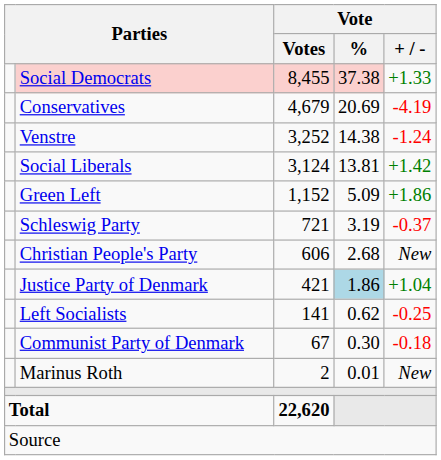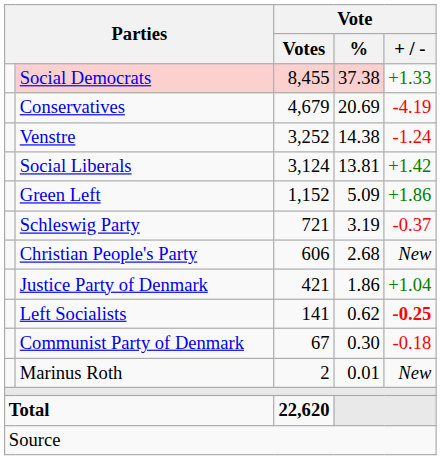 <table class="wikitable" style="text-align:right;">
 <tr>
 <th style="text-align:centre;" rowspan="2" colspan="2" width="225">Parties</th>
 <th colspan="3">Vote</th>
 </tr>
 <tr>
 <th width="15">Votes</th>
 <th width="15">%</th>
 <th width="15">+ / -</th>
 </tr>
 <tr>
 <td width="2" style="color:inherit;background:"></td>
 <td bgcolor=#fbd0ce  align="left"><a href='#'>Social Democrats</a></td>
 <td bgcolor=#fbd0ce>8,455</td>
 <td bgcolor=#fbd0ce>37.38</td>
 <td style=color:green;>+1.33</td>
 </tr>
 <tr>
 <td width="2" style="color:inherit;background:"></td>
 <td align="left"><a href='#'>Conservatives</a></td>
 <td>4,679</td>
 <td>20.69</td>
 <td style=color:red;>-4.19</td>
 </tr>
 <tr>
 <td width="2" style="color:inherit;background:"></td>
 <td align="left"><a href='#'>Venstre</a></td>
 <td>3,252</td>
 <td>14.38</td>
 <td style=color:red;>-1.24</td>
 </tr>
 <tr>
 <td width="2" style="color:inherit;background:"></td>
 <td align="left"><a href='#'>Social Liberals</a></td>
 <td>3,124</td>
 <td>13.81</td>
 <td style=color:green;>+1.42</td>
 </tr>
 <tr>
 <td width="2" style="color:inherit;background:"></td>
 <td align="left"><a href='#'>Green Left</a></td>
 <td>1,152</td>
 <td>5.09</td>
 <td style=color:green;>+1.86</td>
 </tr>
 <tr>
 <td width="2" style="color:inherit;background:"></td>
 <td align="left"><a href='#'>Schleswig Party</a></td>
 <td>721</td>
 <td>3.19</td>
 <td style=color:red;>-0.37</td>
 </tr>
 <tr>
 <td width="2" style="color:inherit;background:"></td>
 <td align="left"><a href='#'>Christian People's Party</a></td>
 <td>606</td>
 <td>2.68</td>
 <td><em>New</em></td>
 </tr>
 <tr>
 <td width="2" style="color:inherit;background:"></td>
 <td align="left"><a href='#'>Justice Party of Denmark</a></td>
 <td>421</td>
-<td style="background: lightblue;">1.86</td>
+<td>1.86</td>
 <td style=color:green;>+1.04</td>
 </tr>
 <tr>
 <td width="2" style="color:inherit;background:"></td>
 <td align="left"><a href='#'>Left Socialists</a></td>
 <td>141</td>
 <td>0.62</td>
-<td style=color:red;>-0.25</td>
+<td style=color:red;><strong>-0.25</strong></td>
 </tr>
 <tr>
 <td width="2" style="color:inherit;background:"></td>
 <td align="left"><a href='#'>Communist Party of Denmark</a></td>
 <td>67</td>
 <td>0.30</td>
 <td style=color:red;>-0.18</td>
 </tr>
 <tr>
 <td width="2" style="color:inherit;background:"></td>
 <td align="left">Marinus Roth</td>
 <td>2</td>
 <td>0.01</td>
 <td><em>New</em></td>
 </tr>
 <tr>
 <td colspan="7" bgcolor="#E9E9E9"></td>
 </tr>
 <tr>
 <td align="left" colspan="2"><strong>Total</strong></td>
 <td><strong>22,620</strong></td>
 <td bgcolor="#E9E9E9" colspan="2"></td>
 </tr>
 <tr>
 <td align="left" colspan="6">Source</td>
 </tr>
 </table>
